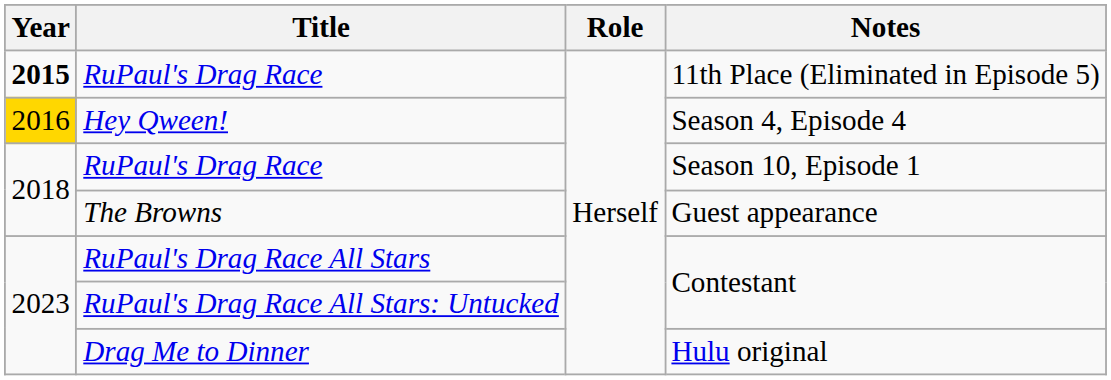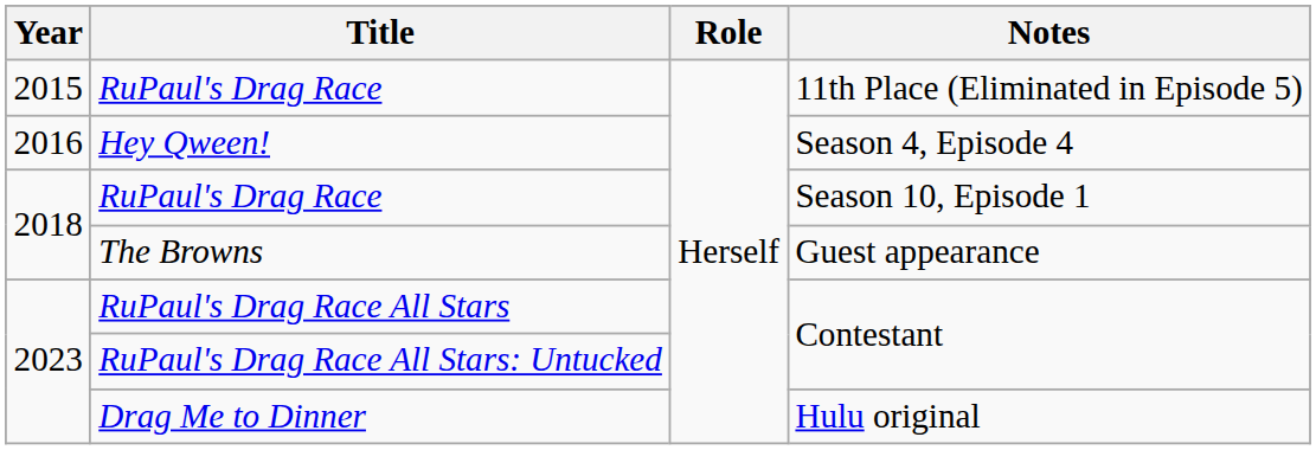 <table class="wikitable sortable">
 <tr>
 <th>Year</th>
 <th>Title</th>
 <th>Role</th>
 <th class="unsortable">Notes</th>
 </tr>
 <tr>
-<td><strong>2015</strong></td>
+<td>2015</td>
 <td><em><a href='#'>RuPaul's Drag Race</a></em></td>
 <td rowspan="7">Herself</td>
 <td>11th Place (Eliminated in Episode 5)</td>
 </tr>
 <tr>
-<td style="background: gold;">2016</td>
+<td>2016</td>
 <td><em><a href='#'>Hey Qween!</a></em></td>
 <td>Season 4, Episode 4</td>
 </tr>
 <tr>
 <td rowspan="2">2018</td>
 <td><em><a href='#'>RuPaul's Drag Race</a></em></td>
 <td>Season 10, Episode 1</td>
 </tr>
 <tr>
 <td scope="row"><em>The Browns</em></td>
 <td scope="row">Guest appearance</td>
 </tr>
 <tr>
 <td rowspan="3">2023</td>
 <td><em><a href='#'>RuPaul's Drag Race All Stars</a></em></td>
 <td rowspan="2">Contestant</td>
 </tr>
 <tr>
 <td scope="row"><em><a href='#'>RuPaul's Drag Race All Stars: Untucked</a></em></td>
 </tr>
 <tr>
 <td><em><a href='#'>Drag Me to Dinner</a></em></td>
 <td><a href='#'>Hulu</a> original</td>
 </tr>
 </table>
